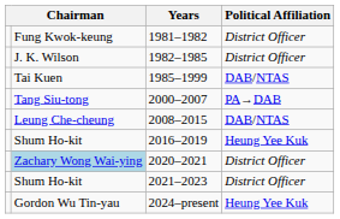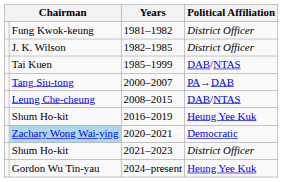 <table class="wikitable">
 <tr>
 <th colspan=2>Chairman</th>
 <th>Years</th>
 <th>Political Affiliation</th>
 </tr>
 <tr>
 <td style="color:inherit;background:"></td>
 <td>Fung Kwok-keung</td>
 <td>1981–1982</td>
 <td><em>District Officer</em></td>
 </tr>
 <tr>
 <td style="color:inherit;background:"></td>
 <td>J. K. Wilson</td>
 <td>1982–1985</td>
 <td><em>District Officer</em></td>
 </tr>
 <tr>
 <td style="color:inherit;background:"></td>
 <td>Tai Kuen</td>
 <td>1985–1999</td>
 <td><a href='#'>DAB</a>/<a href='#'>NTAS</a></td>
 </tr>
 <tr>
 <td style="color:inherit;background:"></td>
 <td><a href='#'>Tang Siu-tong</a></td>
 <td>2000–2007</td>
 <td><a href='#'>PA</a>→<a href='#'>DAB</a></td>
 </tr>
 <tr>
 <td style="color:inherit;background:"></td>
 <td><a href='#'>Leung Che-cheung</a></td>
 <td>2008–2015</td>
 <td><a href='#'>DAB</a>/<a href='#'>NTAS</a></td>
 </tr>
 <tr>
 <td style="color:inherit;background:"></td>
 <td>Shum Ho-kit</td>
 <td>2016–2019</td>
 <td><a href='#'>Heung Yee Kuk</a></td>
 </tr>
 <tr>
 <td style="color:inherit;background:"></td>
 <td style="background: lightblue;"><a href='#'>Zachary Wong Wai-ying</a></td>
 <td>2020–2021</td>
-<td><em>District Officer</em></td>
+<td><a href='#'>Democratic</a></td>
 </tr>
 <tr>
 <td style="color:inherit;background:"></td>
 <td>Shum Ho-kit</td>
 <td>2021–2023</td>
 <td><em>District Officer</em></td>
 </tr>
 <tr>
 <td style="color:inherit;background:"></td>
 <td>Gordon Wu Tin-yau</td>
 <td>2024–present</td>
 <td><a href='#'>Heung Yee Kuk</a></td>
 </tr>
 </table>
